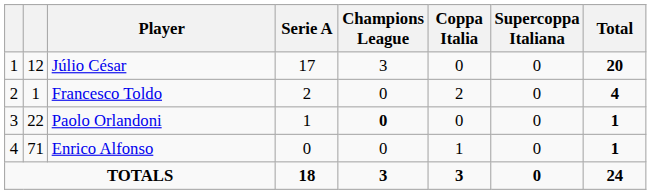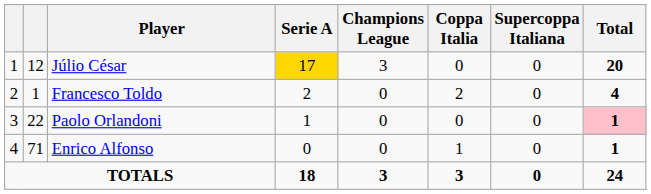 <table class="wikitable sortable" style="font-size: 95%; text-align: center;">
 <tr>
 <th width=10></th>
 <th width=10></th>
 <th width=200>Player</th>
 <th width=50>Serie A</th>
 <th width=50>Champions League</th>
 <th width=50>Coppa Italia</th>
 <th width=50>Supercoppa Italiana</th>
 <th width=50>Total</th>
 </tr>
 <tr>
 <td>1</td>
 <td>12</td>
 <td align="left"> <a href='#'>Júlio César</a></td>
-<td>17</td>
+<td style="background: gold;">17</td>
 <td>3</td>
 <td>0</td>
 <td>0</td>
 <td><strong>20</strong></td>
 </tr>
 <tr>
 <td>2</td>
 <td>1</td>
 <td align="left"> <a href='#'>Francesco Toldo</a></td>
 <td>2</td>
 <td>0</td>
 <td>2</td>
 <td>0</td>
 <td><strong>4</strong></td>
 </tr>
 <tr>
 <td>3</td>
 <td>22</td>
 <td align=left> <a href='#'>Paolo Orlandoni</a></td>
 <td>1</td>
-<td><strong>0</strong></td>
 <td>0</td>
 <td>0</td>
-<td><strong>1</strong></td>
+<td>0</td>
+<td style="background: pink;"><strong>1</strong></td>
 </tr>
 <tr>
 <td>4</td>
 <td>71</td>
 <td align=left> <a href='#'>Enrico Alfonso</a></td>
 <td>0</td>
 <td>0</td>
 <td>1</td>
 <td>0</td>
 <td><strong>1</strong></td>
 </tr>
 <tr>
 <td colspan="3"><strong>TOTALS</strong></td>
 <td><strong>18</strong></td>
 <td><strong>3</strong></td>
 <td><strong>3</strong></td>
 <td><strong>0</strong></td>
 <td><strong>24</strong></td>
 </tr>
 </table>
